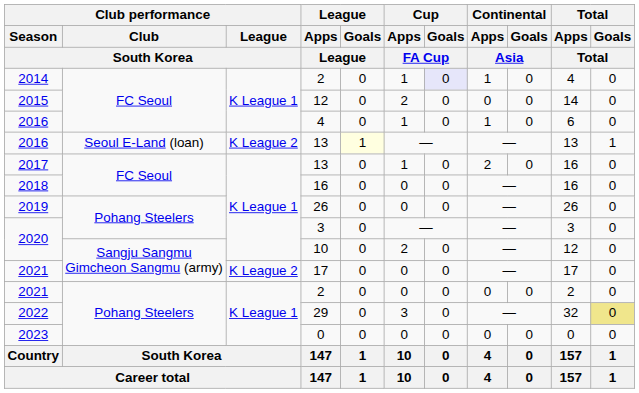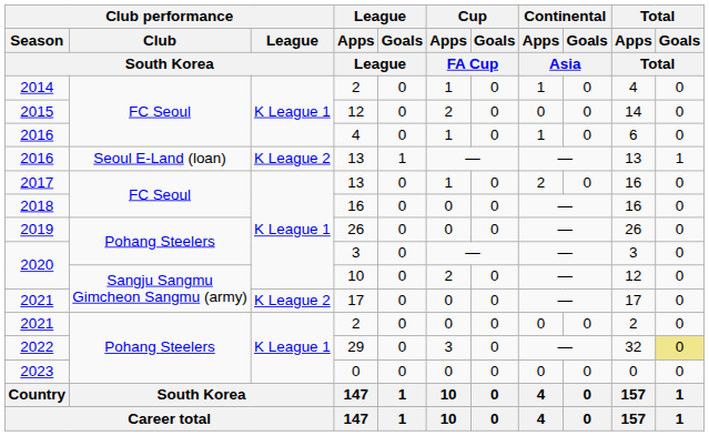 <table class="wikitable" style="text-align:center">
 <tr>
 <th colspan=3>Club performance</th>
 <th colspan=2>League</th>
 <th colspan=2>Cup</th>
 <th colspan=2>Continental</th>
 <th colspan=2>Total</th>
 </tr>
 <tr>
 <th>Season</th>
 <th>Club</th>
 <th>League</th>
 <th>Apps</th>
 <th>Goals</th>
 <th>Apps</th>
 <th>Goals</th>
 <th>Apps</th>
 <th>Goals</th>
 <th>Apps</th>
 <th>Goals</th>
 </tr>
 <tr>
 <th colspan=3>South Korea</th>
 <th colspan=2>League</th>
 <th colspan=2><a href='#'>FA Cup</a></th>
 <th colspan=2><a href='#'>Asia</a></th>
 <th colspan=2>Total</th>
 </tr>
 <tr>
 <td><a href='#'>2014</a></td>
 <td rowspan=3><a href='#'>FC Seoul</a></td>
 <td rowspan=3><a href='#'>K League 1</a></td>
 <td>2</td>
 <td>0</td>
 <td>1</td>
-<td style="background: lavender;">0</td>
+<td>0</td>
 <td>1</td>
 <td>0</td>
 <td>4</td>
 <td>0</td>
 </tr>
 <tr>
 <td><a href='#'>2015</a></td>
 <td>12</td>
 <td>0</td>
 <td>2</td>
 <td>0</td>
 <td>0</td>
 <td>0</td>
 <td>14</td>
 <td>0</td>
 </tr>
 <tr>
 <td><a href='#'>2016</a></td>
 <td>4</td>
 <td>0</td>
 <td>1</td>
 <td>0</td>
 <td>1</td>
 <td>0</td>
 <td>6</td>
 <td>0</td>
 </tr>
 <tr>
 <td><a href='#'>2016</a></td>
 <td rowspan=1><a href='#'>Seoul E-Land</a> (loan)</td>
 <td rowspan=1><a href='#'>K League 2</a></td>
 <td>13</td>
-<td style="background: lightyellow;">1</td>
+<td>1</td>
 <td colspan=2>—</td>
 <td colspan=2>—</td>
 <td>13</td>
 <td>1</td>
 </tr>
 <tr>
 <td><a href='#'>2017</a></td>
 <td rowspan=2><a href='#'>FC Seoul</a></td>
 <td rowspan=5><a href='#'>K League 1</a></td>
 <td>13</td>
 <td>0</td>
 <td>1</td>
 <td>0</td>
 <td>2</td>
 <td>0</td>
 <td>16</td>
 <td>0</td>
 </tr>
 <tr>
 <td><a href='#'>2018</a></td>
 <td>16</td>
 <td>0</td>
 <td>0</td>
 <td>0</td>
 <td colspan=2>—</td>
 <td>16</td>
 <td>0</td>
 </tr>
 <tr>
 <td><a href='#'>2019</a></td>
 <td rowspan=2><a href='#'>Pohang Steelers</a></td>
 <td>26</td>
 <td>0</td>
 <td>0</td>
 <td>0</td>
 <td colspan=2>—</td>
 <td>26</td>
 <td>0</td>
 </tr>
 <tr>
 <td rowspan=2><a href='#'>2020</a></td>
 <td>3</td>
 <td>0</td>
 <td colspan=2>—</td>
 <td colspan=2>—</td>
 <td>3</td>
 <td>0</td>
 </tr>
 <tr>
 <td rowspan=2><a href='#'>Sangju Sangmu</a> <br> <a href='#'>Gimcheon Sangmu</a> (army)</td>
 <td>10</td>
 <td>0</td>
 <td>2</td>
 <td>0</td>
 <td colspan=2>—</td>
 <td>12</td>
 <td>0</td>
 </tr>
 <tr>
 <td><a href='#'>2021</a></td>
 <td><a href='#'>K League 2</a></td>
 <td>17</td>
 <td>0</td>
 <td>0</td>
 <td>0</td>
 <td colspan=2>—</td>
 <td>17</td>
 <td>0</td>
 </tr>
 <tr>
 <td><a href='#'>2021</a></td>
 <td rowspan=3><a href='#'>Pohang Steelers</a></td>
 <td rowspan=3><a href='#'>K League 1</a></td>
 <td>2</td>
 <td>0</td>
 <td>0</td>
 <td>0</td>
 <td>0</td>
 <td>0</td>
 <td>2</td>
 <td>0</td>
 </tr>
 <tr>
 <td><a href='#'>2022</a></td>
 <td>29</td>
 <td>0</td>
 <td>3</td>
 <td>0</td>
 <td colspan=2>—</td>
 <td>32</td>
 <td style="background: khaki;">0</td>
 </tr>
 <tr>
 <td><a href='#'>2023</a></td>
 <td>0</td>
 <td>0</td>
 <td>0</td>
 <td>0</td>
 <td>0</td>
 <td>0</td>
 <td>0</td>
 <td>0</td>
 </tr>
 <tr>
 <th>Country</th>
 <th colspan=2>South Korea</th>
 <th>147</th>
 <th>1</th>
 <th>10</th>
 <th>0</th>
 <th>4</th>
 <th>0</th>
 <th>157</th>
 <th>1</th>
 </tr>
 <tr>
 <th colspan=3>Career total</th>
 <th>147</th>
 <th>1</th>
 <th>10</th>
 <th>0</th>
 <th>4</th>
 <th>0</th>
 <th>157</th>
 <th>1</th>
 </tr>
 </table>
